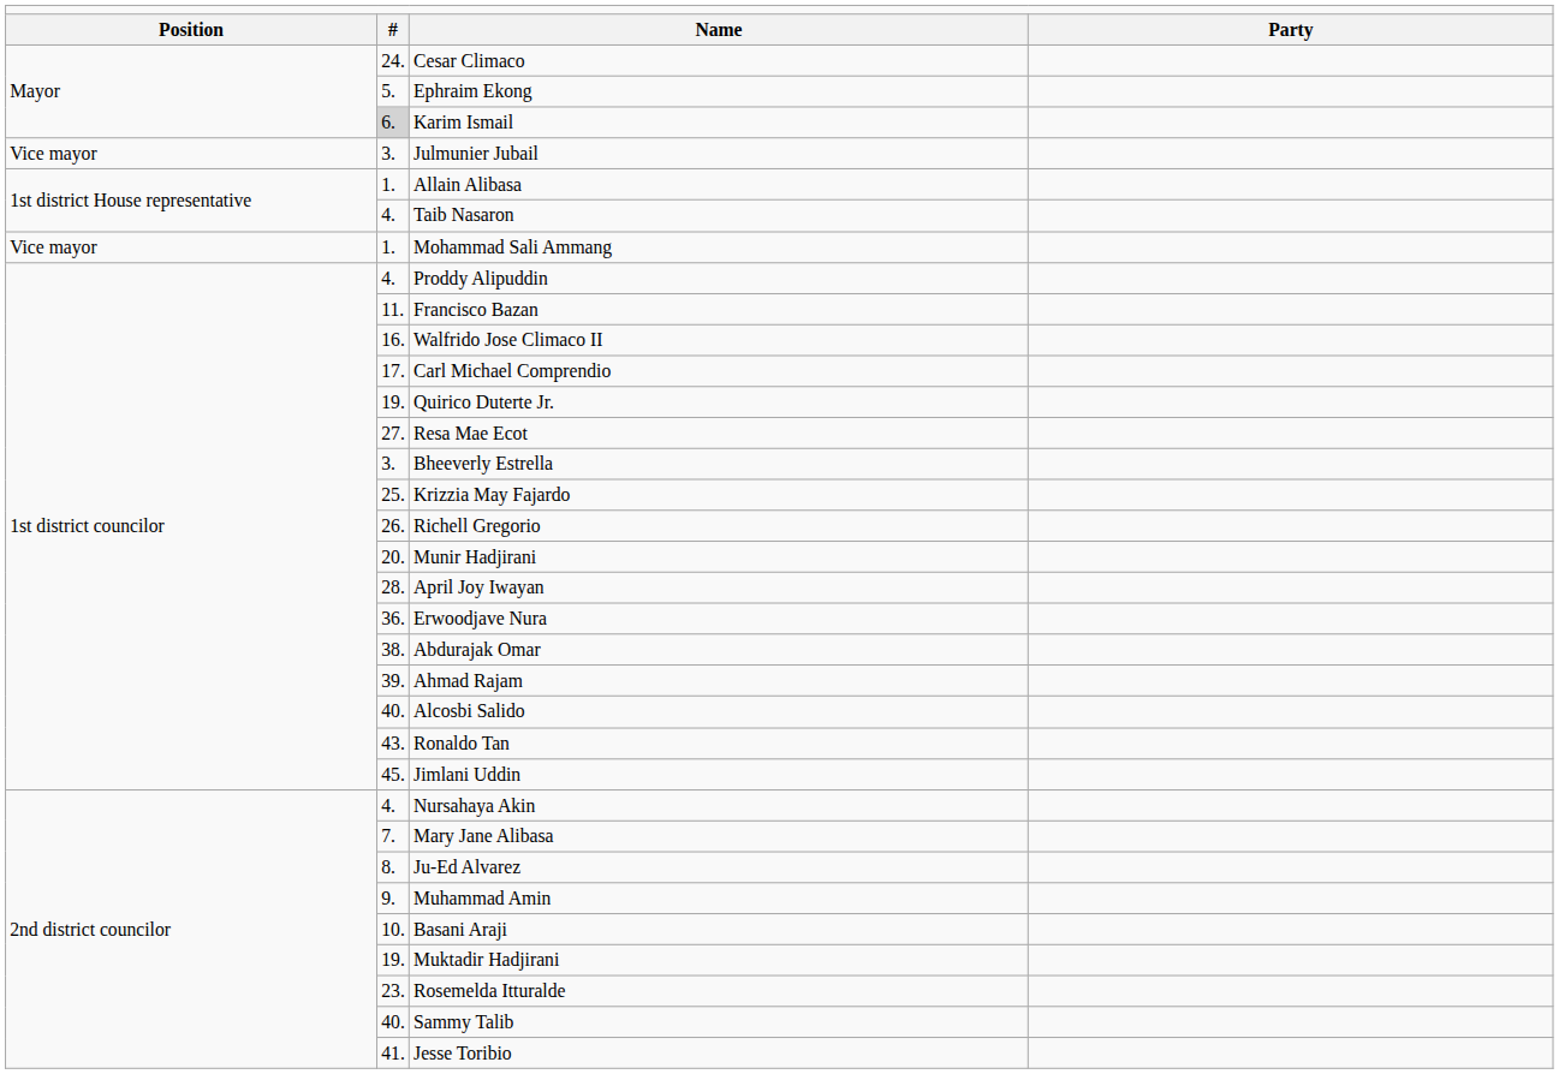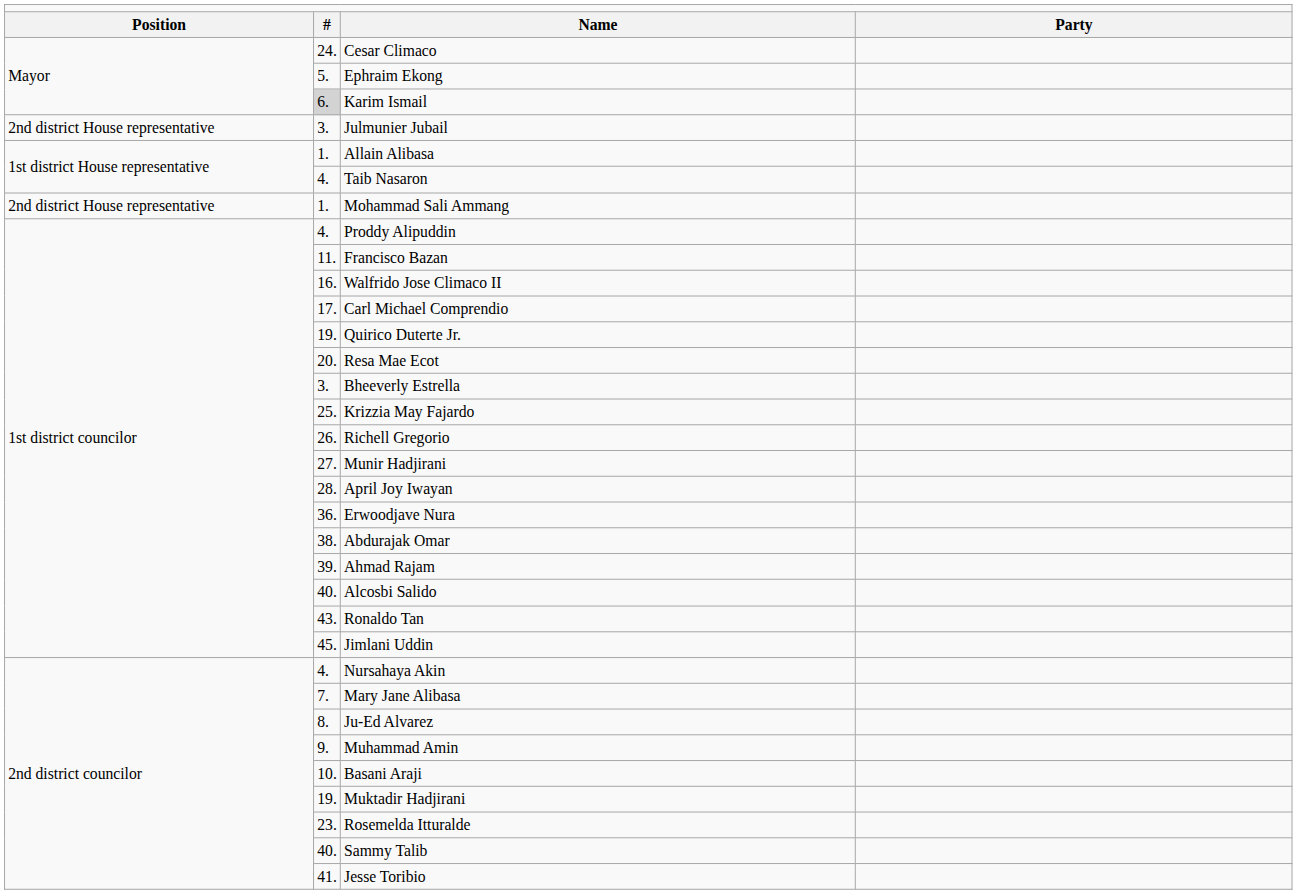 <table class=wikitable style="font-size:95%" width=99%>
 <tr>
 <td colspan="5"></td>
 </tr>
 <tr>
 <th width=24%>Position</th>
 <th width=1%>#</th>
 <th width=40%>Name</th>
 <th colspan=2>Party</th>
 </tr>
 <tr>
 <td rowspan="3">Mayor</td>
 <td>24.</td>
 <td>Cesar Climaco</td>
 <td></td>
 </tr>
 <tr>
 <td>5.</td>
 <td>Ephraim Ekong</td>
 <td></td>
 </tr>
 <tr>
 <td style="background: lightgrey;">6.</td>
 <td>Karim Ismail</td>
 <td></td>
 </tr>
 <tr>
-<td>Vice mayor</td>
+<td>2nd district House representative</td>
 <td>3.</td>
 <td>Julmunier Jubail</td>
 <td></td>
 </tr>
 <tr>
 <td rowspan="2">1st district House representative</td>
 <td>1.</td>
 <td>Allain Alibasa</td>
 <td></td>
 </tr>
 <tr>
 <td>4.</td>
 <td>Taib Nasaron</td>
 <td></td>
 </tr>
 <tr>
-<td>Vice mayor</td>
+<td>2nd district House representative</td>
 <td>1.</td>
 <td>Mohammad Sali Ammang</td>
 <td></td>
 </tr>
 <tr>
 <td rowspan="17">1st district councilor</td>
 <td>4.</td>
 <td>Proddy Alipuddin</td>
 <td></td>
 </tr>
 <tr>
 <td>11.</td>
 <td>Francisco Bazan</td>
 <td></td>
 </tr>
 <tr>
 <td>16.</td>
 <td>Walfrido Jose Climaco II</td>
 <td></td>
 </tr>
 <tr>
 <td>17.</td>
 <td>Carl Michael Comprendio</td>
 <td></td>
 </tr>
 <tr>
 <td>19.</td>
 <td>Quirico Duterte Jr.</td>
 <td></td>
 </tr>
 <tr>
-<td>27.</td>
+<td>20.</td>
 <td>Resa Mae Ecot</td>
 <td></td>
 </tr>
 <tr>
 <td>3.</td>
 <td>Bheeverly Estrella</td>
 <td></td>
 </tr>
 <tr>
 <td>25.</td>
 <td>Krizzia May Fajardo</td>
 <td></td>
 </tr>
 <tr>
 <td>26.</td>
 <td>Richell Gregorio</td>
 <td></td>
 </tr>
 <tr>
-<td>20.</td>
+<td>27.</td>
 <td>Munir Hadjirani</td>
 <td></td>
 </tr>
 <tr>
 <td>28.</td>
 <td>April Joy Iwayan</td>
 <td></td>
 </tr>
 <tr>
 <td>36.</td>
 <td>Erwoodjave Nura</td>
 <td></td>
 </tr>
 <tr>
 <td>38.</td>
 <td>Abdurajak Omar</td>
 <td></td>
 </tr>
 <tr>
 <td>39.</td>
 <td>Ahmad Rajam</td>
 <td></td>
 </tr>
 <tr>
 <td>40.</td>
 <td>Alcosbi Salido</td>
 <td></td>
 </tr>
 <tr>
 <td>43.</td>
 <td>Ronaldo Tan</td>
 <td></td>
 </tr>
 <tr>
 <td>45.</td>
 <td>Jimlani Uddin</td>
 <td></td>
 </tr>
 <tr>
 <td rowspan="9">2nd district councilor</td>
 <td>4.</td>
 <td>Nursahaya Akin</td>
 <td></td>
 </tr>
 <tr>
 <td>7.</td>
 <td>Mary Jane Alibasa</td>
 <td></td>
 </tr>
 <tr>
 <td>8.</td>
 <td>Ju-Ed Alvarez</td>
 <td></td>
 </tr>
 <tr>
 <td>9.</td>
 <td>Muhammad Amin</td>
 <td></td>
 </tr>
 <tr>
 <td>10.</td>
 <td>Basani Araji</td>
 <td></td>
 </tr>
 <tr>
 <td>19.</td>
 <td>Muktadir Hadjirani</td>
 <td></td>
 </tr>
 <tr>
 <td>23.</td>
 <td>Rosemelda Itturalde</td>
 <td></td>
 </tr>
 <tr>
 <td>40.</td>
 <td>Sammy Talib</td>
 <td></td>
 </tr>
 <tr>
 <td>41.</td>
 <td>Jesse Toribio</td>
 <td></td>
 </tr>
 </table>
